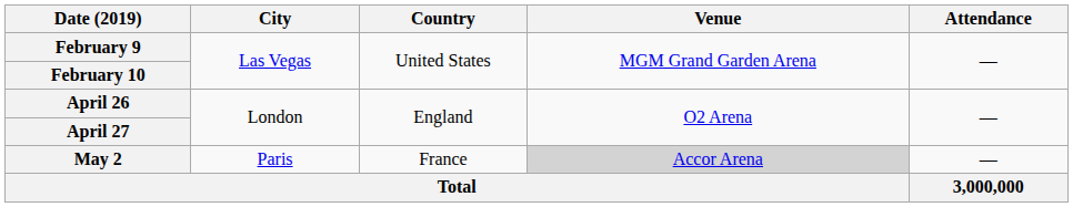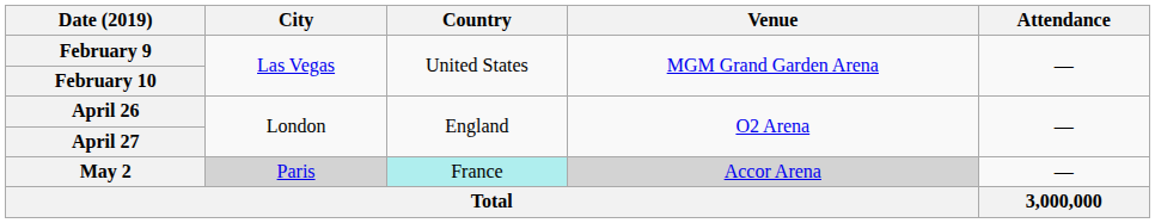 <table class="wikitable plainrowheaders" style="text-align:center;">
 <tr>
 <th scope="col" style="width:10em;">Date (2019)</th>
 <th scope="col" style="width:9em;">City</th>
 <th scope="col" style="width:9em;">Country</th>
 <th scope="col" style="width:21em;">Venue</th>
 <th scope="col" style="width:8.5em;">Attendance</th>
 </tr>
 <tr>
 <th scope="row" style="text-align:center;">February 9</th>
 <td rowspan="2"><a href='#'>Las Vegas</a></td>
 <td rowspan="2">United States</td>
 <td rowspan="2"><a href='#'>MGM Grand Garden Arena</a></td>
 <td rowspan="2">—</td>
 </tr>
 <tr>
 <th scope="row" style="text-align:center;">February 10</th>
 </tr>
 <tr>
 <th scope="row" style="text-align:center;">April 26</th>
 <td rowspan="2">London</td>
 <td rowspan="2">England</td>
 <td rowspan="2"><a href='#'>O2 Arena</a></td>
 <td rowspan="2">—</td>
 </tr>
 <tr>
 <th scope="row" style="text-align:center;">April 27</th>
 </tr>
 <tr>
 <th scope="row" style="text-align:center;">May 2</th>
-<td><a href='#'>Paris</a></td>
-<td>France</td>
+<td style="background: lightgrey;"><a href='#'>Paris</a></td>
+<td style="background: paleturquoise;">France</td>
 <td style="background: lightgrey;"><a href='#'>Accor Arena</a></td>
 <td>—</td>
 </tr>
 <tr>
 <th colspan="4">Total</th>
 <th>3,000,000</th>
 </tr>
 </table>
